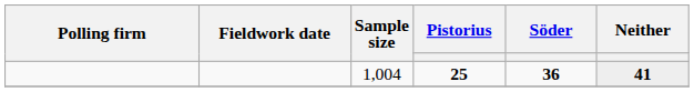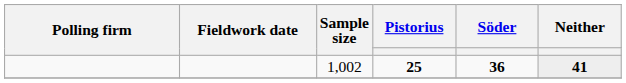 <table class="wikitable sortable mw-datatable" style="text-align:center;font-size:90%;line-height:14px;">
 <tr style="height:40px;">
 <th style="width:155px;" rowspan="2">Polling firm</th>
 <th style="width:120px;" rowspan="2">Fieldwork date</th>
 <th style="width: 35px;" rowspan="2">Sample<br>size</th>
 <th class="unsortable" style="width:70px;"><a href='#'>Pistorius</a><br></th>
 <th class="unsortable" style="width:70px;"><a href='#'>Söder</a><br></th>
 <th class="unsortable" style="width:70px;">Neither</th>
 </tr>
 <tr>
 <th style="background:"></th>
 <th style="background:"></th>
 <th style="background:"></th>
 </tr>
 <tr>
 <td></td>
 <td></td>
-<td>1,004</td>
+<td>1,002</td>
 <td><strong>25</strong></td>
 <td><strong>36</strong></td>
 <td style="background:#EEEEEE;"><strong>41</strong></td>
 </tr>
 <tr>
 </tr>
 </table>
